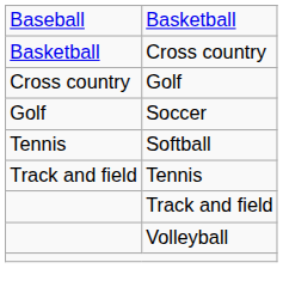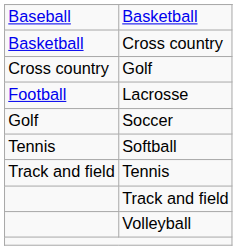 <table class="wikitable" style= " ">
 <tr>
 </tr>
 <tr>
 <td><a href='#'>Baseball</a></td>
 <td><a href='#'>Basketball</a></td>
 </tr>
 <tr>
 <td><a href='#'>Basketball</a></td>
 <td>Cross country</td>
 </tr>
 <tr>
 <td>Cross country</td>
 <td>Golf</td>
+</tr>
+<tr>
+<td><a href='#'>Football</a></td>
+<td>Lacrosse</td>
 </tr>
 <tr>
 <td>Golf</td>
 <td>Soccer</td>
 </tr>
 <tr>
 <td>Tennis</td>
 <td>Softball</td>
 </tr>
 <tr>
 <td>Track and field</td>
 <td>Tennis</td>
 </tr>
 <tr>
 <td></td>
 <td>Track and field</td>
 </tr>
 <tr>
 <td></td>
 <td>Volleyball</td>
 </tr>
 <tr>
 <td colspan="2"></td>
 </tr>
 </table>
